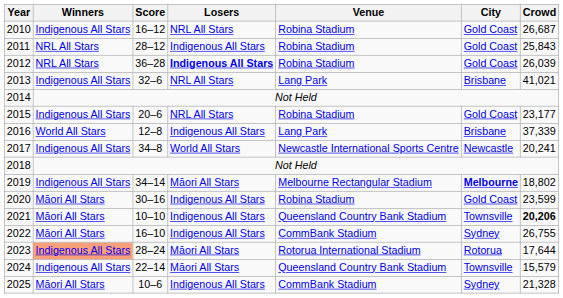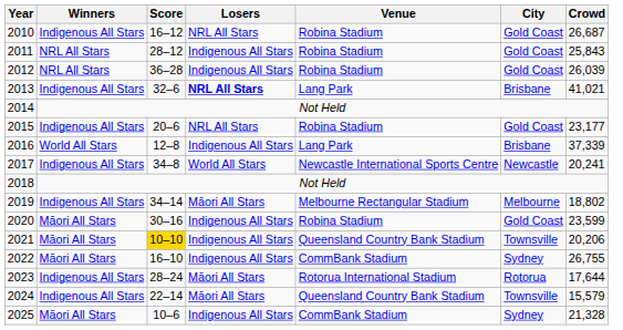 <table class="wikitable">
 <tr>
 <th>Year</th>
 <th>Winners</th>
 <th>Score</th>
 <th>Losers</th>
 <th>Venue</th>
 <th>City</th>
 <th>Crowd</th>
 </tr>
 <tr>
 <td>2010</td>
 <td><a href='#'>Indigenous All Stars</a></td>
 <td align=center>16–12</td>
 <td><a href='#'>NRL All Stars</a></td>
 <td><a href='#'>Robina Stadium</a></td>
 <td><a href='#'>Gold Coast</a></td>
 <td>26,687</td>
 </tr>
 <tr>
 <td>2011</td>
 <td><a href='#'>NRL All Stars</a></td>
 <td align=center>28–12</td>
 <td><a href='#'>Indigenous All Stars</a></td>
 <td><a href='#'>Robina Stadium</a></td>
 <td><a href='#'>Gold Coast</a></td>
 <td>25,843</td>
 </tr>
 <tr>
 <td>2012</td>
 <td><a href='#'>NRL All Stars</a></td>
 <td align=center>36–28</td>
-<td><strong><a href='#'>Indigenous All Stars</a></strong></td>
+<td><a href='#'>Indigenous All Stars</a></td>
 <td><a href='#'>Robina Stadium</a></td>
 <td><a href='#'>Gold Coast</a></td>
 <td>26,039</td>
 </tr>
 <tr>
 <td>2013</td>
 <td><a href='#'>Indigenous All Stars</a></td>
 <td align=center>32–6</td>
-<td><a href='#'>NRL All Stars</a></td>
+<td><strong><a href='#'>NRL All Stars</a></strong></td>
 <td><a href='#'>Lang Park</a></td>
 <td><a href='#'>Brisbane</a></td>
 <td>41,021</td>
 </tr>
 <tr>
 <td>2014</td>
 <td colspan=6 align=center><em>Not Held</em></td>
 </tr>
 <tr>
 <td>2015</td>
 <td><a href='#'>Indigenous All Stars</a></td>
 <td align=center>20–6</td>
 <td><a href='#'>NRL All Stars</a></td>
 <td><a href='#'>Robina Stadium</a></td>
 <td><a href='#'>Gold Coast</a></td>
 <td>23,177</td>
 </tr>
 <tr>
 <td>2016</td>
 <td><a href='#'>World All Stars</a></td>
 <td align=center>12–8</td>
 <td><a href='#'>Indigenous All Stars</a></td>
 <td><a href='#'>Lang Park</a></td>
 <td><a href='#'>Brisbane</a></td>
 <td>37,339</td>
 </tr>
 <tr>
 <td>2017</td>
 <td><a href='#'>Indigenous All Stars</a></td>
 <td align=center>34–8</td>
 <td><a href='#'>World All Stars</a></td>
 <td><a href='#'>Newcastle International Sports Centre</a></td>
 <td><a href='#'>Newcastle</a></td>
 <td>20,241</td>
 </tr>
 <tr>
 <td>2018</td>
 <td colspan=6 align=center><em>Not Held</em></td>
 </tr>
 <tr>
 <td>2019</td>
 <td><a href='#'>Indigenous All Stars</a></td>
 <td align=center>34–14</td>
 <td><a href='#'>Māori All Stars</a></td>
 <td><a href='#'>Melbourne Rectangular Stadium</a></td>
-<td><strong><a href='#'>Melbourne</a></strong></td>
+<td><a href='#'>Melbourne</a></td>
 <td>18,802</td>
 </tr>
 <tr>
 <td>2020</td>
 <td><a href='#'>Māori All Stars</a></td>
 <td align=center>30–16</td>
 <td><a href='#'>Indigenous All Stars</a></td>
 <td><a href='#'>Robina Stadium</a></td>
 <td><a href='#'>Gold Coast</a></td>
 <td>23,599</td>
 </tr>
 <tr>
 <td>2021</td>
 <td><a href='#'>Māori All Stars</a></td>
-<td align=center>10–10</td>
+<td align=center style="background: gold;">10–10</td>
 <td><a href='#'>Indigenous All Stars</a></td>
 <td><a href='#'>Queensland Country Bank Stadium</a></td>
 <td><a href='#'>Townsville</a></td>
-<td><strong>20,206</strong></td>
+<td>20,206</td>
 </tr>
 <tr>
 <td>2022</td>
 <td><a href='#'>Māori All Stars</a></td>
 <td align=center>16–10</td>
 <td><a href='#'>Indigenous All Stars</a></td>
 <td><a href='#'>CommBank Stadium</a></td>
 <td><a href='#'>Sydney</a></td>
 <td>26,755</td>
 </tr>
 <tr>
 <td>2023</td>
-<td style="background: lightsalmon;"><a href='#'>Indigenous All Stars</a></td>
+<td><a href='#'>Indigenous All Stars</a></td>
 <td align=center>28–24</td>
 <td><a href='#'>Māori All Stars</a></td>
 <td><a href='#'>Rotorua International Stadium</a></td>
 <td><a href='#'>Rotorua</a></td>
 <td>17,644</td>
 </tr>
 <tr>
 <td>2024</td>
 <td><a href='#'>Indigenous All Stars</a></td>
 <td align=center>22–14</td>
 <td><a href='#'>Māori All Stars</a></td>
 <td><a href='#'>Queensland Country Bank Stadium</a></td>
 <td><a href='#'>Townsville</a></td>
 <td>15,579</td>
 </tr>
 <tr>
 <td>2025</td>
 <td><a href='#'>Māori All Stars</a></td>
 <td align=center>10–6</td>
 <td><a href='#'>Indigenous All Stars</a></td>
 <td><a href='#'>CommBank Stadium</a></td>
 <td><a href='#'>Sydney</a></td>
 <td>21,328</td>
 </tr>
 </table>
